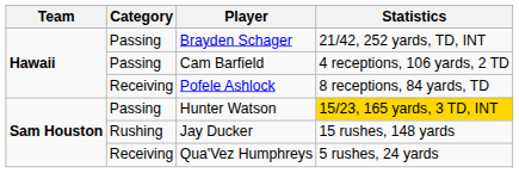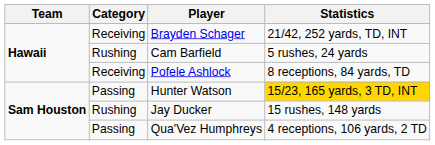 <table class="wikitable" style="float: right;">
 <tr>
 <th>Team</th>
 <th>Category</th>
 <th>Player</th>
 <th>Statistics</th>
 </tr>
 <tr>
 <td rowspan=3><strong>Hawaii</strong></td>
-<td>Passing</td>
+<td>Receiving</td>
 <td><a href='#'>Brayden Schager</a></td>
 <td>21/42, 252 yards, TD, INT</td>
 </tr>
 <tr>
-<td>Passing</td>
+<td>Rushing</td>
 <td>Cam Barfield</td>
-<td>4 receptions, 106 yards, 2 TD</td>
+<td>5 rushes, 24 yards</td>
 </tr>
 <tr>
 <td>Receiving</td>
 <td><a href='#'>Pofele Ashlock</a></td>
 <td>8 receptions, 84 yards, TD</td>
 </tr>
 <tr>
 <td rowspan=3><strong>Sam Houston</strong></td>
 <td>Passing</td>
 <td>Hunter Watson</td>
 <td style="background: gold;">15/23, 165 yards, 3 TD, INT</td>
 </tr>
 <tr>
 <td>Rushing</td>
 <td>Jay Ducker</td>
 <td>15 rushes, 148 yards</td>
 </tr>
 <tr>
-<td>Receiving</td>
+<td>Passing</td>
 <td>Qua'Vez Humphreys</td>
-<td>5 rushes, 24 yards</td>
+<td>4 receptions, 106 yards, 2 TD</td>
 </tr>
 </table>
